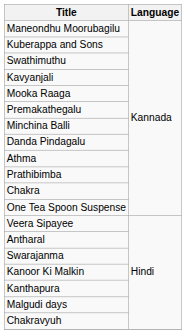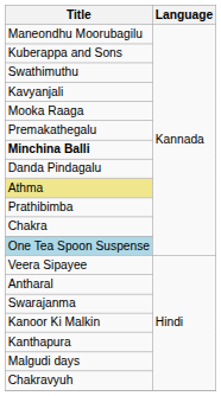 <table class="wikitable">
 <tr>
 <th>Title</th>
 <th>Language</th>
 </tr>
 <tr>
 <td>Maneondhu Moorubagilu</td>
 <td rowspan="12">Kannada</td>
 </tr>
 <tr>
 <td>Kuberappa and Sons</td>
 </tr>
 <tr>
 <td>Swathimuthu</td>
 </tr>
 <tr>
 <td>Kavyanjali</td>
 </tr>
 <tr>
 <td>Mooka Raaga</td>
 </tr>
 <tr>
 <td>Premakathegalu</td>
 </tr>
 <tr>
-<td>Minchina Balli</td>
+<td><strong>Minchina Balli</strong></td>
 </tr>
 <tr>
 <td>Danda Pindagalu</td>
 </tr>
 <tr>
-<td>Athma</td>
+<td style="background: khaki;">Athma</td>
 </tr>
 <tr>
 <td>Prathibimba</td>
 </tr>
 <tr>
 <td>Chakra</td>
 </tr>
 <tr>
-<td>One Tea Spoon Suspense</td>
+<td style="background: lightblue;">One Tea Spoon Suspense</td>
 </tr>
 <tr>
 <td>Veera Sipayee</td>
 <td rowspan="7">Hindi</td>
 </tr>
 <tr>
 <td>Antharal</td>
 </tr>
 <tr>
 <td>Swarajanma</td>
 </tr>
 <tr>
 <td>Kanoor Ki Malkin</td>
 </tr>
 <tr>
 <td>Kanthapura</td>
 </tr>
 <tr>
 <td>Malgudi days</td>
 </tr>
 <tr>
 <td>Chakravyuh</td>
 </tr>
 <tr>
 </tr>
 </table>
